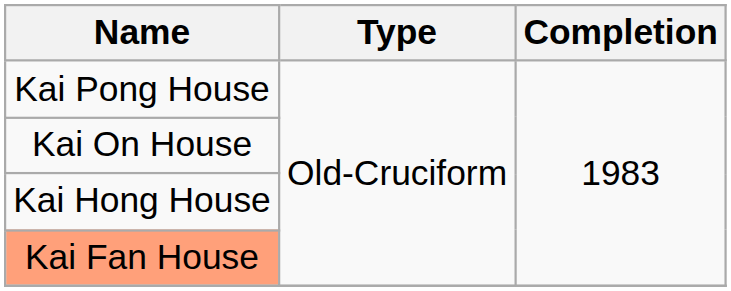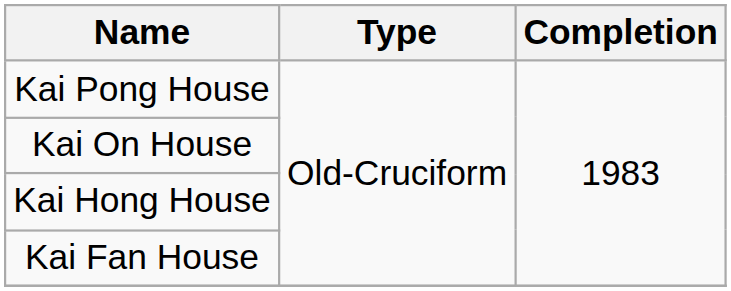 <table class="wikitable" style="text-align: center">
 <tr>
 <th>Name</th>
 <th>Type</th>
 <th>Completion</th>
 </tr>
 <tr>
 <td>Kai Pong House</td>
 <td rowspan="4">Old-Cruciform</td>
 <td rowspan="4">1983</td>
 </tr>
 <tr>
 <td>Kai On House</td>
 </tr>
 <tr>
 <td>Kai Hong House</td>
 </tr>
 <tr>
-<td style="background: lightsalmon;">Kai Fan House</td>
+<td>Kai Fan House</td>
 </tr>
 <tr>
 </tr>
 </table>
